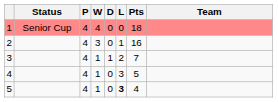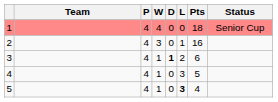 <table class="wikitable" style="text-align:center;">
 <tr>
 <th></th>
-<th width="100px">Status</th>
+<th width="200px">Team</th>
 <th>P</th>
 <th>W</th>
 <th>D</th>
 <th>L</th>
 <th width="23px">Pts</th>
-<th width="200px">Team</th>
+<th width="100px">Status</th>
 </tr>
 <tr bgcolor="#FF8888">
 <td>1</td>
-<td>Senior Cup</td>
+<td></td>
 <td>4</td>
 <td>4</td>
 <td>0</td>
 <td>0</td>
 <td>18</td>
-<td></td>
+<td>Senior Cup</td>
 </tr>
 <tr>
 <td>2</td>
 <td></td>
 <td>4</td>
 <td>3</td>
 <td>0</td>
 <td>1</td>
 <td>16</td>
 <td></td>
 </tr>
 <tr>
 <td>3</td>
 <td></td>
 <td>4</td>
 <td>1</td>
-<td>1</td>
+<td><strong>1</strong></td>
 <td>2</td>
-<td>7</td>
+<td>6</td>
 <td></td>
 </tr>
 <tr>
 <td>4</td>
 <td></td>
 <td>4</td>
 <td>1</td>
 <td>0</td>
 <td>3</td>
 <td>5</td>
 <td></td>
 </tr>
 <tr>
 <td>5</td>
 <td></td>
 <td>4</td>
 <td>1</td>
 <td>0</td>
 <td><strong>3</strong></td>
 <td>4</td>
 <td></td>
 </tr>
 </table>
